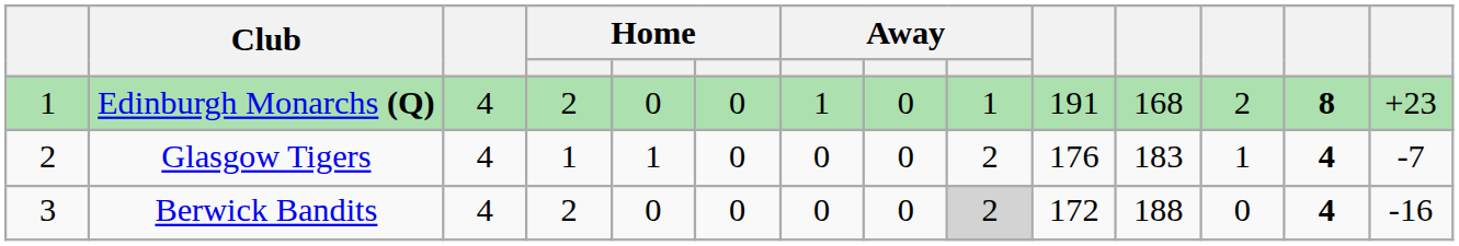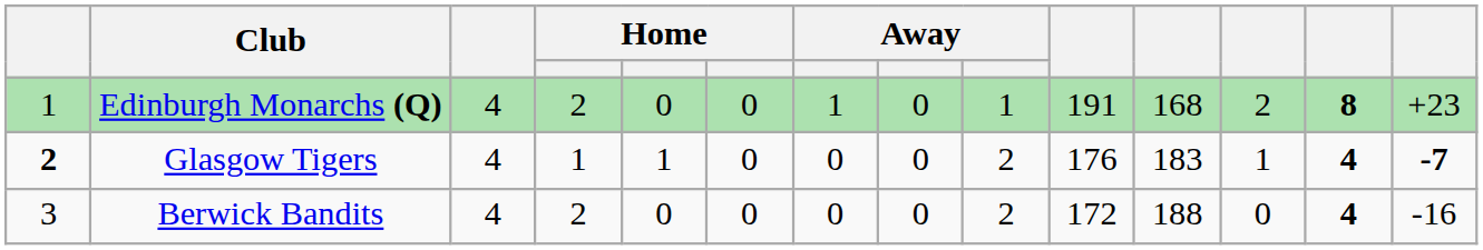 <table class="wikitable" style="text-align:center; font-size:85%">
 <tr>
 <th rowspan="2" style="width:28px;"></th>
 <th rowspan=2>Club</th>
 <th rowspan="2" style="width:28px;"></th>
 <th colspan=3>Home</th>
 <th colspan=3>Away</th>
 <th rowspan="2" style="width:28px;"></th>
 <th rowspan="2" style="width:28px;"></th>
 <th rowspan="2" style="width:28px;"></th>
 <th rowspan="2" style="width:28px;"></th>
 <th rowspan="2" style="width:28px;"></th>
 </tr>
 <tr>
 <th width=28></th>
 <th width=28></th>
 <th width=28></th>
 <th width=28></th>
 <th width=28></th>
 <th width=28></th>
 </tr>
 <tr style="background:#ACE1AF;">
 <td align="center">1</td>
 <td><a href='#'>Edinburgh Monarchs</a> <strong>(Q)</strong></td>
 <td align="center">4</td>
 <td align="center">2</td>
 <td align="center">0</td>
 <td align="center">0</td>
 <td align="center">1</td>
 <td align="center">0</td>
 <td align="center">1</td>
 <td align="center">191</td>
 <td align="center">168</td>
 <td align="center">2</td>
 <td align="center"><strong>8</strong></td>
 <td align="center">+23</td>
 </tr>
 <tr>
-<td align="center">2</td>
+<td align="center"><strong>2</strong></td>
 <td><a href='#'>Glasgow Tigers</a></td>
 <td align="center">4</td>
 <td align="center">1</td>
 <td align="center">1</td>
 <td align="center">0</td>
 <td align="center">0</td>
 <td align="center">0</td>
 <td align="center">2</td>
 <td align="center">176</td>
 <td align="center">183</td>
 <td align="center">1</td>
 <td align="center"><strong>4</strong></td>
-<td align="center">-7</td>
+<td align="center"><strong>-7</strong></td>
 </tr>
 <tr>
 <td align="center">3</td>
 <td><a href='#'>Berwick Bandits</a></td>
 <td align="center">4</td>
 <td align="center">2</td>
 <td align="center">0</td>
 <td align="center">0</td>
 <td align="center">0</td>
 <td align="center">0</td>
-<td align="center" style="background: lightgrey;">2</td>
+<td align="center">2</td>
 <td align="center">172</td>
 <td align="center">188</td>
 <td align="center">0</td>
 <td align="center"><strong>4</strong></td>
 <td align="center">-16</td>
 </tr>
 </table>
